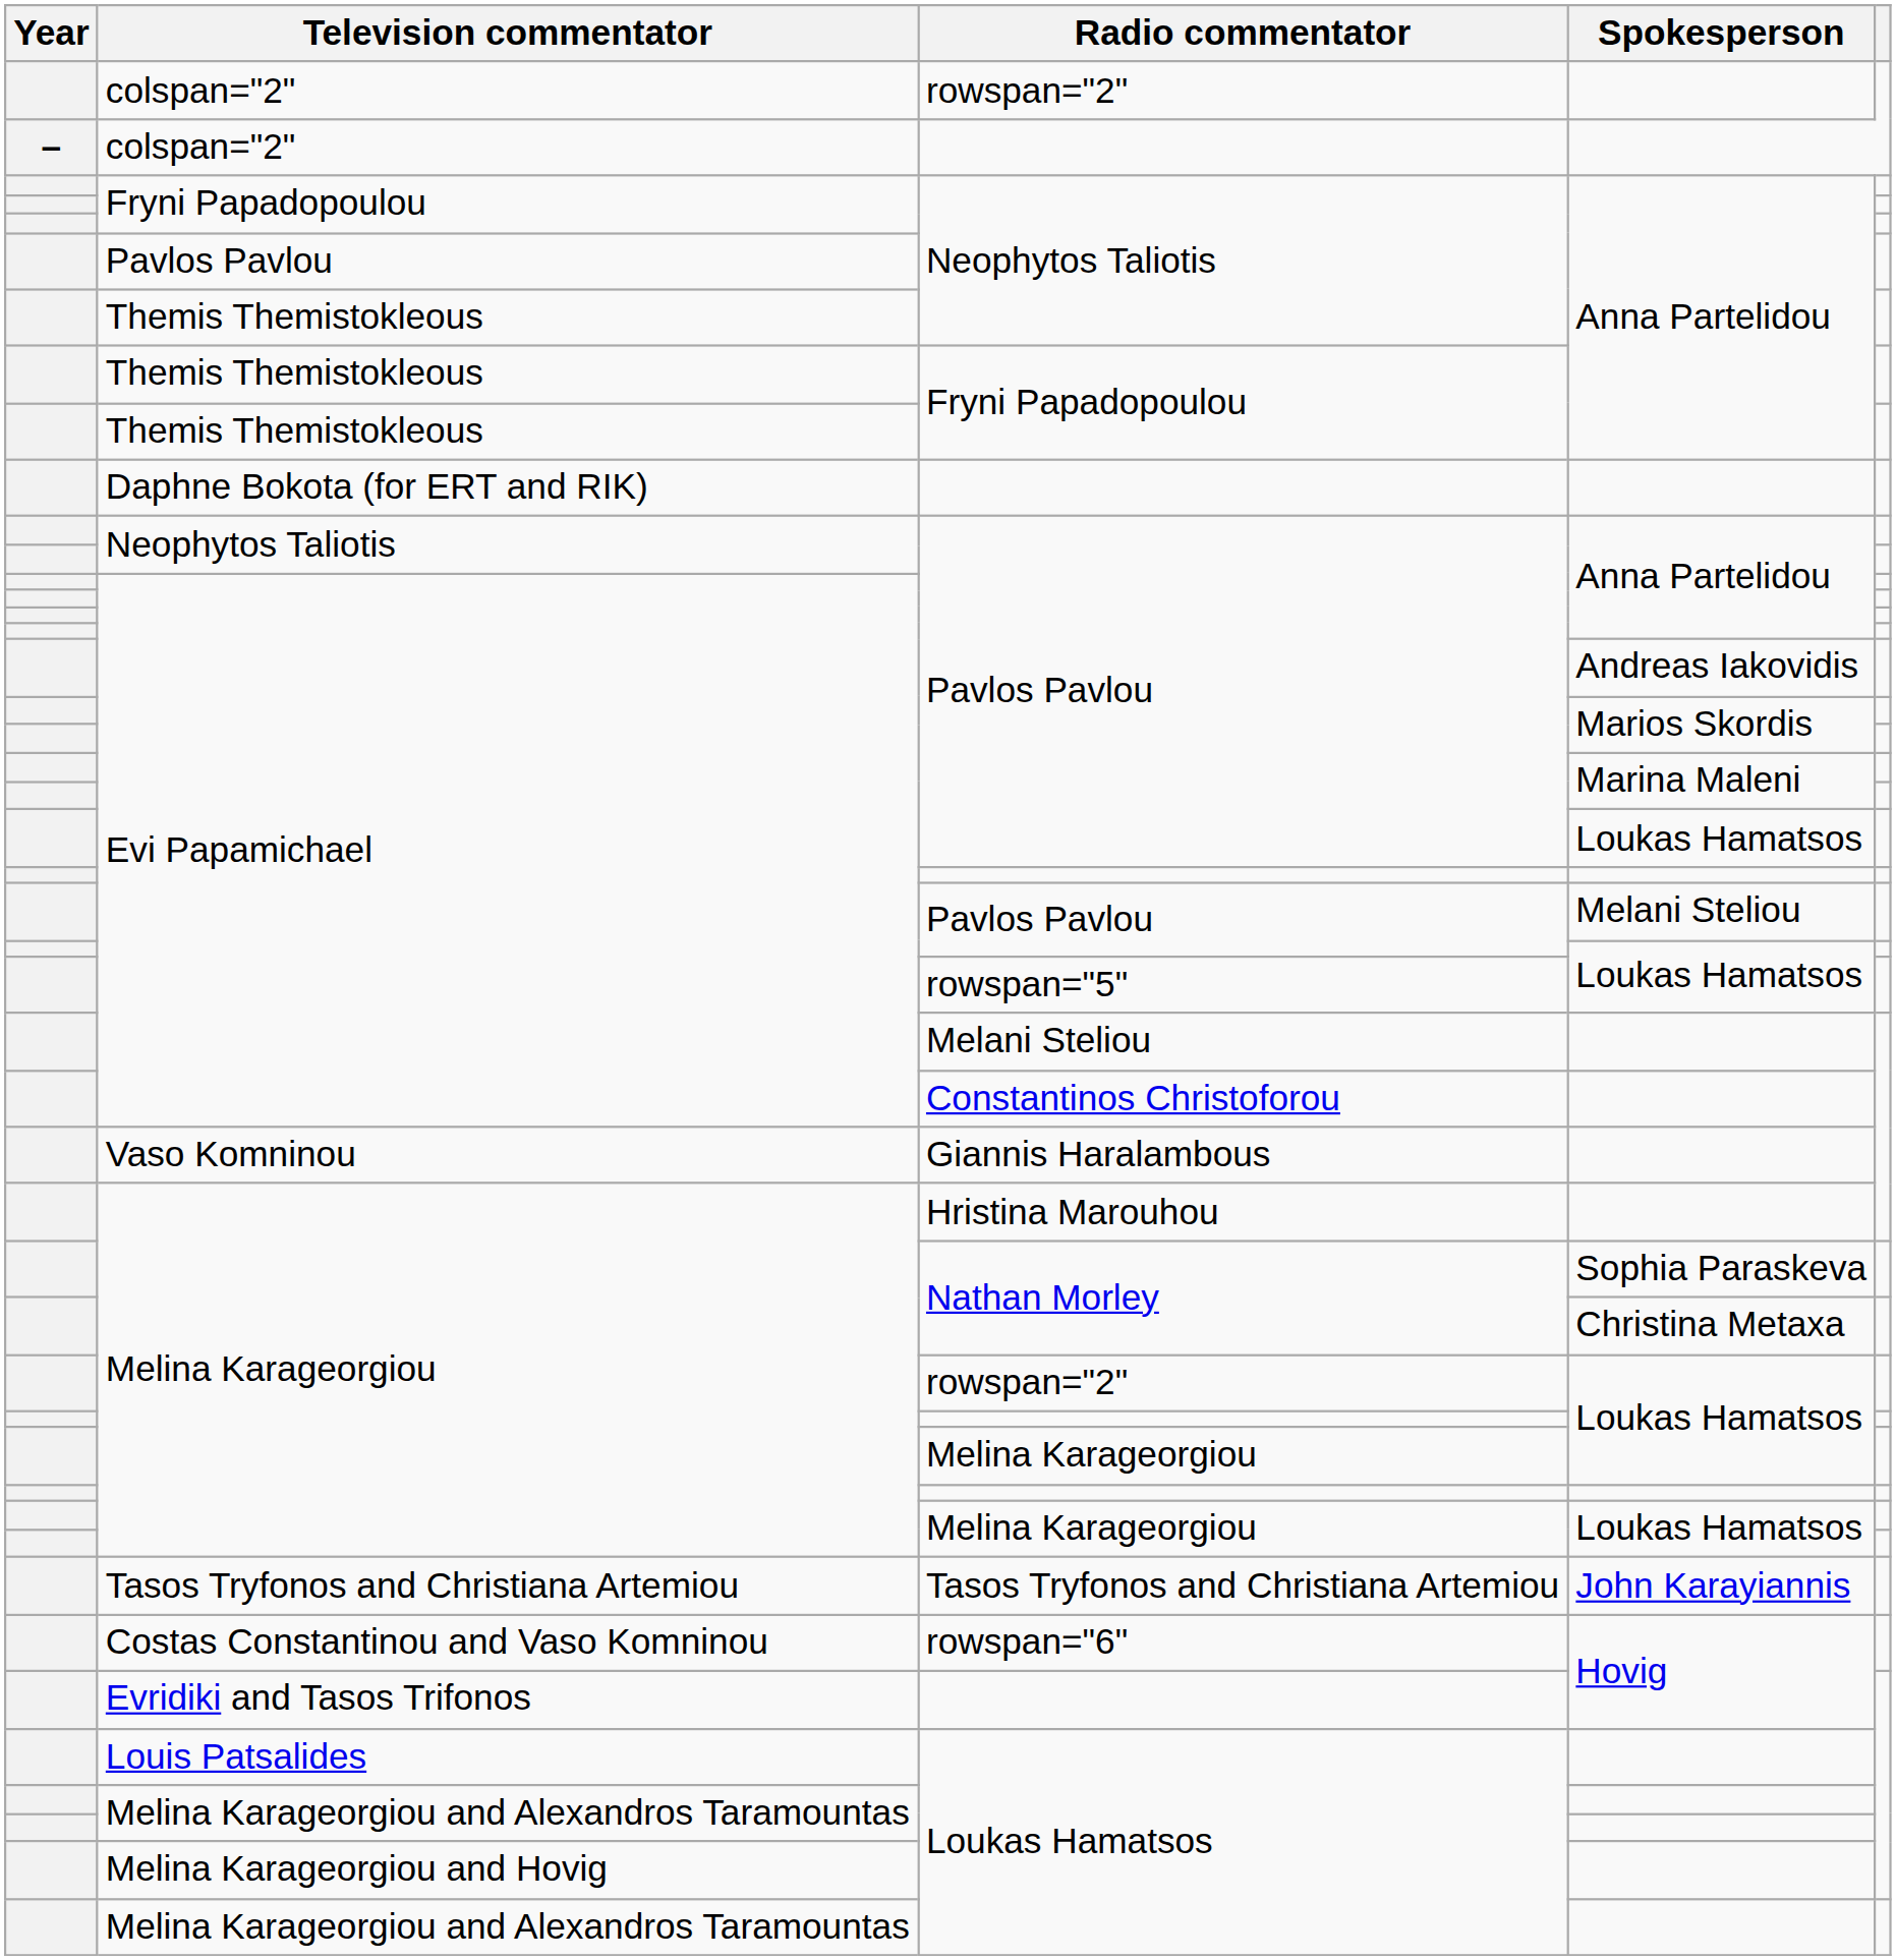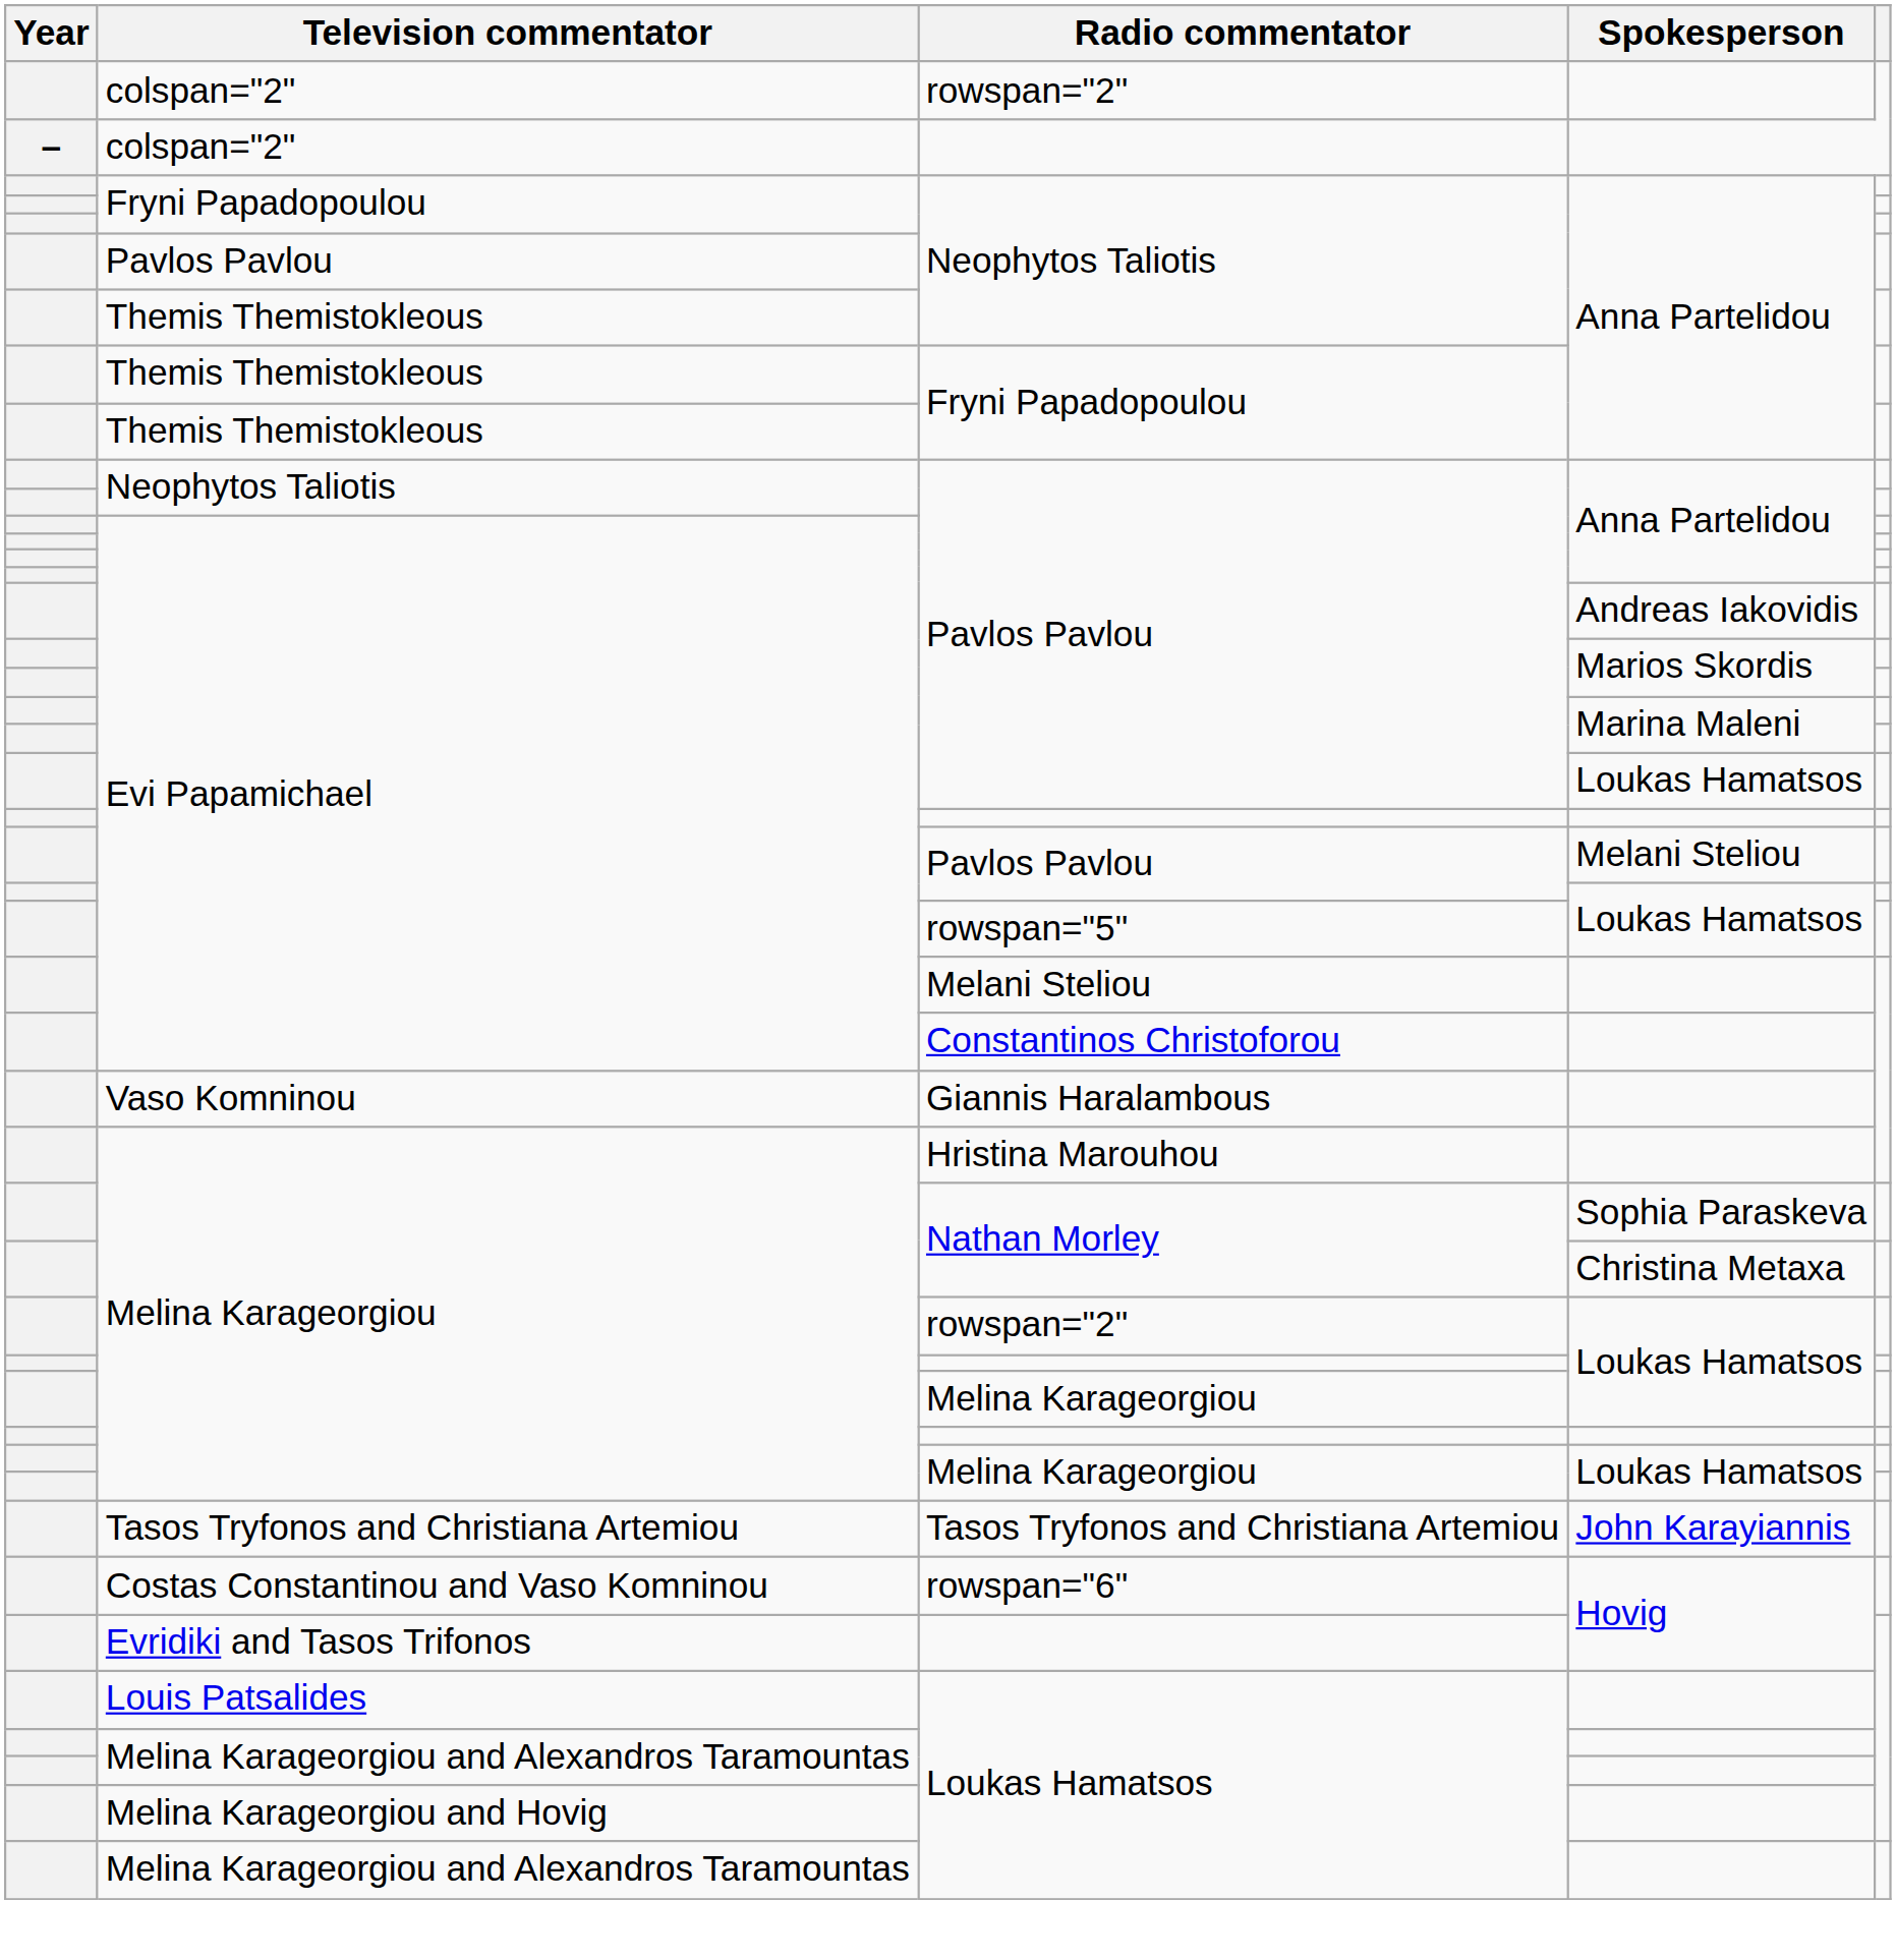 <table class="wikitable sortable plainrowheaders">
 <tr>
 <th>Year</th>
 <th>Television commentator</th>
 <th>Radio commentator</th>
 <th>Spokesperson</th>
 <th class="unsortable"></th>
 </tr>
 <tr>
 <th scope="row"></th>
 <td>colspan="2" </td>
 <td>rowspan="2" </td>
 <td></td>
 </tr>
 <tr>
 <th scope="row"> – </th>
 <td>colspan="2" </td>
 <td></td>
 </tr>
 <tr>
 <th scope="row"></th>
 <td rowspan="3">Fryni Papadopoulou</td>
 <td rowspan="5">Neophytos Taliotis</td>
 <td rowspan="7">Anna Partelidou</td>
 <td></td>
 </tr>
 <tr>
 <th scope="row"></th>
 <td></td>
 </tr>
 <tr>
 <th scope="row"></th>
 <td></td>
 </tr>
 <tr>
 <th scope="row"></th>
 <td>Pavlos Pavlou</td>
 <td></td>
 </tr>
 <tr>
 <th scope="row"></th>
 <td>Themis Themistokleous</td>
 <td></td>
 </tr>
 <tr>
 <th scope="row"></th>
 <td>Themis Themistokleous</td>
 <td rowspan="2">Fryni Papadopoulou</td>
 <td></td>
 </tr>
 <tr>
 <th scope="row"></th>
 <td>Themis Themistokleous</td>
-<td></td>
-</tr>
-<tr>
-<th scope="row"></th>
-<td>Daphne Bokota (for ERT and RIK)</td>
-<td></td>
-<td></td>
 <td></td>
 </tr>
 <tr>
 <th scope="row"></th>
 <td rowspan="2">Neophytos Taliotis</td>
 <td rowspan="12">Pavlos Pavlou</td>
 <td rowspan="6">Anna Partelidou</td>
 <td></td>
 </tr>
 <tr>
 <th scope="row"></th>
 <td></td>
 </tr>
 <tr>
 <th scope="row"></th>
 <td rowspan="16">Evi Papamichael</td>
 <td></td>
 </tr>
 <tr>
 <th scope="row"></th>
 <td></td>
 </tr>
 <tr>
 <th scope="row"></th>
 <td></td>
 </tr>
 <tr>
 <th scope="row"></th>
 <td></td>
 </tr>
 <tr>
 <th scope="row"></th>
 <td>Andreas Iakovidis</td>
 <td></td>
 </tr>
 <tr>
 <th scope="row"></th>
 <td rowspan="2">Marios Skordis</td>
 <td></td>
 </tr>
 <tr>
 <th scope="row"></th>
 <td></td>
 </tr>
 <tr>
 <th scope="row"></th>
 <td rowspan="2">Marina Maleni</td>
 <td></td>
 </tr>
 <tr>
 <th scope="row"></th>
 <td></td>
 </tr>
 <tr>
 <th scope="row"></th>
 <td>Loukas Hamatsos</td>
 <td></td>
 </tr>
 <tr>
 <th scope="row"></th>
 <td></td>
 <td></td>
 <td></td>
 </tr>
 <tr>
 <th scope="row"></th>
 <td rowspan="2">Pavlos Pavlou</td>
 <td>Melani Steliou</td>
 <td></td>
 </tr>
 <tr>
 <th scope="row"></th>
 <td rowspan="2">Loukas Hamatsos</td>
 <td></td>
 </tr>
 <tr>
 <th scope="row"></th>
 <td>rowspan="5" </td>
 <td></td>
 </tr>
 <tr>
 <th scope="row"></th>
 <td>Melani Steliou</td>
 <td></td>
 </tr>
 <tr>
 <th scope="row"></th>
 <td><a href='#'>Constantinos Christoforou</a></td>
 <td></td>
 </tr>
 <tr>
 <th scope="row"></th>
 <td>Vaso Komninou</td>
 <td>Giannis Haralambous</td>
 <td></td>
 </tr>
 <tr>
 <th scope="row"></th>
 <td rowspan="9">Melina Karageorgiou</td>
 <td>Hristina Marouhou</td>
 <td></td>
 </tr>
 <tr>
 <th scope="row"></th>
 <td rowspan="2"><a href='#'>Nathan Morley</a></td>
 <td>Sophia Paraskeva</td>
 <td></td>
 </tr>
 <tr>
 <th scope="row"></th>
 <td>Christina Metaxa</td>
 <td></td>
 </tr>
 <tr>
 <th scope="row"></th>
 <td>rowspan="2" </td>
 <td rowspan="3">Loukas Hamatsos</td>
 <td></td>
 </tr>
 <tr>
 <th scope="row"></th>
 <td></td>
 </tr>
 <tr>
 <th scope="row"></th>
 <td>Melina Karageorgiou</td>
 <td></td>
 </tr>
 <tr>
 <th scope="row"></th>
 <td></td>
 <td></td>
 <td></td>
 </tr>
 <tr>
 <th scope="row"></th>
 <td rowspan="2">Melina Karageorgiou</td>
 <td rowspan="2">Loukas Hamatsos</td>
 <td></td>
 </tr>
 <tr>
 <th scope="row"></th>
 <td></td>
 </tr>
 <tr>
 <th scope="row"></th>
 <td>Tasos Tryfonos and Christiana Artemiou</td>
 <td>Tasos Tryfonos and Christiana Artemiou</td>
 <td><a href='#'>John Karayiannis</a></td>
 <td></td>
 </tr>
 <tr>
 <th scope="row"></th>
 <td>Costas Constantinou and Vaso Komninou</td>
 <td>rowspan="6" </td>
 <td rowspan="2"><a href='#'>Hovig</a></td>
 <td></td>
 </tr>
 <tr>
 <th scope="row"></th>
 <td><a href='#'>Evridiki</a> and Tasos Trifonos</td>
 <td></td>
 </tr>
 <tr>
 <th scope="row"></th>
 <td><a href='#'>Louis Patsalides</a></td>
 <td rowspan="5">Loukas Hamatsos</td>
 <td></td>
 </tr>
 <tr>
 <th scope="row"></th>
 <td rowspan="2">Melina Karageorgiou and Alexandros Taramountas</td>
 <td></td>
 </tr>
 <tr>
 <th scope="row"></th>
 <td></td>
 </tr>
 <tr>
 <th scope="row"></th>
 <td>Melina Karageorgiou and Hovig</td>
 <td></td>
 </tr>
 <tr>
 <th scope="row"></th>
 <td>Melina Karageorgiou and Alexandros Taramountas</td>
 <td></td>
 <td></td>
 </tr>
 </table>
